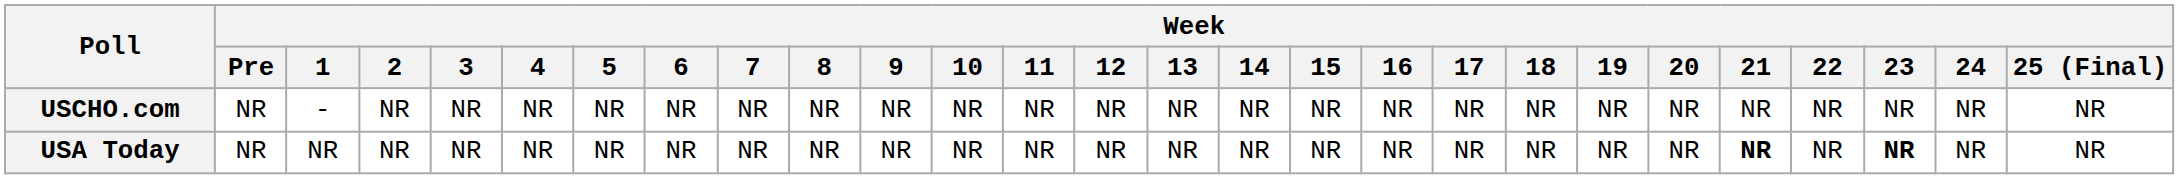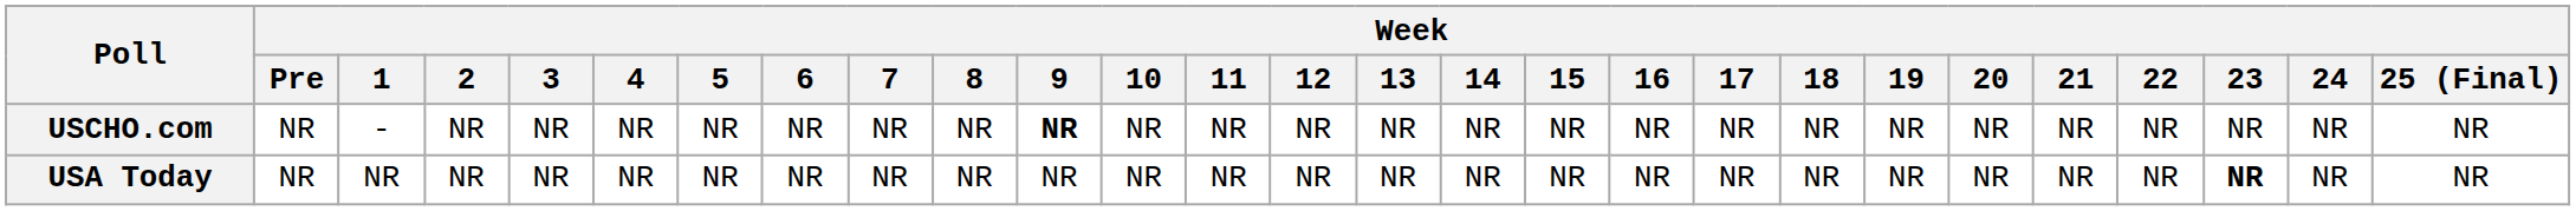 <table class="wikitable" style="white-space:nowrap;">
 <tr>
 <th scope="col" width="100" rowspan="2">Poll</th>
 <th colspan="30">Week</th>
 </tr>
 <tr>
 <th scope="col" width="30">Pre</th>
 <th scope="col" width="30">1</th>
 <th scope="col" width="30">2</th>
 <th scope="col" width="30">3</th>
 <th scope="col" width="30">4</th>
 <th scope="col" width="30">5</th>
 <th scope="col" width="30">6</th>
 <th scope="col" width="30">7</th>
 <th scope="col" width="30">8</th>
 <th scope="col" width="30">9</th>
 <th scope="col" width="30">10</th>
 <th scope="col" width="30">11</th>
 <th scope="col" width="30">12</th>
 <th scope="col" width="30">13</th>
 <th scope="col" width="30">14</th>
 <th scope="col" width="30">15</th>
 <th scope="col" width="30">16</th>
 <th scope="col" width="30">17</th>
 <th scope="col" width="30">18</th>
 <th scope="col" width="30">19</th>
 <th scope="col" width="30">20</th>
 <th scope="col" width="30">21</th>
 <th scope="col" width="30">22</th>
 <th scope="col" width="30">23</th>
 <th scope="col" width="30">24</th>
 <th scope="col" width="30">25 (Final)</th>
 </tr>
 <tr style="text-align:center;">
 <th>USCHO.com</th>
 <td bgcolor=FFFFFF>NR</td>
 <td bgcolor=FFFFFF>-</td>
 <td bgcolor=FFFFFF>NR</td>
 <td bgcolor=FFFFFF>NR</td>
 <td bgcolor=FFFFFF>NR</td>
 <td bgcolor=FFFFFF>NR</td>
 <td bgcolor=FFFFFF>NR</td>
 <td bgcolor=FFFFFF>NR</td>
 <td bgcolor=FFFFFF>NR</td>
-<td bgcolor=FFFFFF>NR</td>
+<td bgcolor=FFFFFF><strong>NR</strong></td>
 <td bgcolor=FFFFFF>NR</td>
 <td bgcolor=FFFFFF>NR</td>
 <td bgcolor=FFFFFF>NR</td>
 <td bgcolor=FFFFFF>NR</td>
 <td bgcolor=FFFFFF>NR</td>
 <td bgcolor=FFFFFF>NR</td>
 <td bgcolor=FFFFFF>NR</td>
 <td bgcolor=FFFFFF>NR</td>
 <td bgcolor=FFFFFF>NR</td>
 <td bgcolor=FFFFFF>NR</td>
 <td bgcolor=FFFFFF>NR</td>
 <td bgcolor=FFFFFF>NR</td>
 <td bgcolor=FFFFFF>NR</td>
 <td bgcolor=FFFFFF>NR</td>
 <td bgcolor=FFFFFF>NR</td>
 <td bgcolor=FFFFFF>NR</td>
 </tr>
 <tr style="text-align:center;">
 <th>USA Today</th>
 <td bgcolor=FFFFFF>NR</td>
 <td bgcolor=FFFFFF>NR</td>
 <td bgcolor=FFFFFF>NR</td>
 <td bgcolor=FFFFFF>NR</td>
 <td bgcolor=FFFFFF>NR</td>
 <td bgcolor=FFFFFF>NR</td>
 <td bgcolor=FFFFFF>NR</td>
 <td bgcolor=FFFFFF>NR</td>
 <td bgcolor=FFFFFF>NR</td>
 <td bgcolor=FFFFFF>NR</td>
 <td bgcolor=FFFFFF>NR</td>
 <td bgcolor=FFFFFF>NR</td>
 <td bgcolor=FFFFFF>NR</td>
 <td bgcolor=FFFFFF>NR</td>
 <td bgcolor=FFFFFF>NR</td>
 <td bgcolor=FFFFFF>NR</td>
 <td bgcolor=FFFFFF>NR</td>
 <td bgcolor=FFFFFF>NR</td>
 <td bgcolor=FFFFFF>NR</td>
 <td bgcolor=FFFFFF>NR</td>
 <td bgcolor=FFFFFF>NR</td>
-<td bgcolor=FFFFFF><strong>NR</strong></td>
+<td bgcolor=FFFFFF>NR</td>
 <td bgcolor=FFFFFF>NR</td>
 <td bgcolor=FFFFFF><strong>NR</strong></td>
 <td bgcolor=FFFFFF>NR</td>
 <td bgcolor=FFFFFF>NR</td>
 </tr>
 </table>
